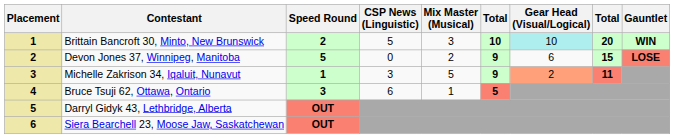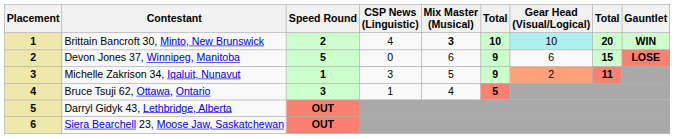 <table class="wikitable" style="text-align:center;">
 <tr>
 <th>Placement</th>
 <th>Contestant</th>
 <th>Speed Round</th>
 <th>CSP News<br>(Linguistic)</th>
 <th>Mix Master<br>(Musical)</th>
 <th>Total</th>
 <th>Gear Head<br>(Visual/Logical)</th>
 <th>Total</th>
 <th>Gauntlet</th>
 </tr>
 <tr>
 <td bgcolor="palegoldenrod"><strong>1</strong></td>
 <td align="left">Brittain Bancroft 30, <a href='#'>Minto, New Brunswick</a></td>
 <td bgcolor="#cfc"><strong>2</strong></td>
-<td>5</td>
-<td>3</td>
+<td>4</td>
+<td><strong>3</strong></td>
 <td bgcolor="#cfc"><strong>10</strong></td>
 <td style="background: paleturquoise;">10</td>
 <td bgcolor="#cfc"><strong>20</strong></td>
 <td bgcolor="#cfc"><strong>WIN</strong></td>
 </tr>
 <tr>
 <td bgcolor="palegoldenrod"><strong>2</strong></td>
 <td align="left">Devon Jones 37, <a href='#'>Winnipeg</a>, <a href='#'>Manitoba</a></td>
 <td bgcolor="#cfc"><strong>5</strong></td>
 <td>0</td>
-<td>2</td>
+<td>6</td>
 <td bgcolor="#cfc"><strong>9</strong></td>
 <td>6</td>
 <td bgcolor="#cfc"><strong>15</strong></td>
 <td bgcolor="salmon"><strong>LOSE</strong></td>
 </tr>
 <tr>
 <td bgcolor="palegoldenrod"><strong>3</strong></td>
 <td align="left">Michelle Zakrison 34, <a href='#'>Iqaluit, Nunavut</a></td>
 <td bgcolor="#cfc"><strong>1</strong></td>
 <td>3</td>
 <td>5</td>
 <td bgcolor="#cfc"><strong>9</strong></td>
 <td style="background: lightsalmon;">2</td>
 <td bgcolor="salmon"><strong>11</strong></td>
 <td bgcolor="darkgrey"></td>
 </tr>
 <tr>
 <td bgcolor="palegoldenrod"><strong>4</strong></td>
 <td align="left">Bruce Tsuji 62, <a href='#'>Ottawa</a>, <a href='#'>Ontario</a></td>
 <td bgcolor="#cfc"><strong>3</strong></td>
-<td>6</td>
 <td>1</td>
+<td>4</td>
 <td bgcolor="salmon"><strong>5</strong></td>
 <td bgcolor="darkgrey" colspan="3"></td>
 </tr>
 <tr>
 <td bgcolor="palegoldenrod"><strong>5</strong></td>
 <td align="left">Darryl Gidyk 43, <a href='#'>Lethbridge, Alberta</a></td>
 <td bgcolor="salmon"><strong>OUT</strong></td>
 <td bgcolor="darkgrey" colspan="6"></td>
 </tr>
 <tr>
 <td bgcolor="palegoldenrod"><strong>6</strong></td>
 <td align="left"><a href='#'>Siera Bearchell</a> 23, <a href='#'>Moose Jaw, Saskatchewan</a></td>
 <td bgcolor="salmon"><strong>OUT</strong></td>
 <td bgcolor="darkgrey" colspan="6"></td>
 </tr>
 </table>
